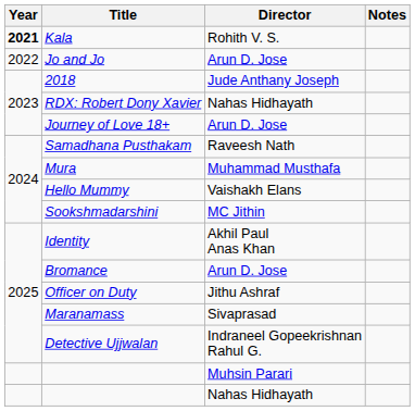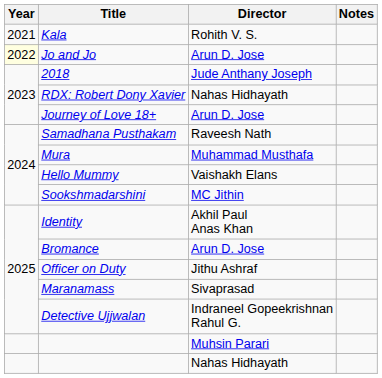 <table class="wikitable sortable">
 <tr>
 <th>Year</th>
 <th>Title</th>
 <th>Director</th>
 <th>Notes</th>
 </tr>
 <tr>
-<td><strong>2021</strong></td>
+<td>2021</td>
 <td><em><a href='#'>Kala</a></em></td>
 <td>Rohith V. S.</td>
 <td></td>
 </tr>
 <tr>
-<td>2022</td>
+<td style="background: lightyellow;">2022</td>
 <td><em><a href='#'>Jo and Jo</a></em></td>
 <td><a href='#'>Arun D. Jose</a></td>
 <td></td>
 </tr>
 <tr>
 <td rowspan="3">2023</td>
 <td><em><a href='#'>2018</a></em></td>
 <td><a href='#'>Jude Anthany Joseph</a></td>
 <td></td>
 </tr>
 <tr>
 <td><em><a href='#'>RDX: Robert Dony Xavier</a></em></td>
 <td>Nahas Hidhayath</td>
 <td></td>
 </tr>
 <tr>
 <td><em><a href='#'>Journey of Love 18+</a></em></td>
 <td><a href='#'>Arun D. Jose</a></td>
 <td></td>
 </tr>
 <tr>
 <td rowspan=4>2024</td>
 <td><em><a href='#'>Samadhana Pusthakam</a></em></td>
 <td>Raveesh Nath</td>
 <td></td>
 </tr>
 <tr>
 <td><em><a href='#'>Mura</a></em></td>
 <td><a href='#'>Muhammad Musthafa</a></td>
 <td></td>
 </tr>
 <tr>
 <td><em><a href='#'>Hello Mummy</a></em></td>
 <td>Vaishakh Elans</td>
 <td></td>
 </tr>
 <tr>
 <td><em><a href='#'>Sookshmadarshini</a></em></td>
 <td><a href='#'>MC Jithin</a></td>
 <td></td>
 </tr>
 <tr>
 <td rowspan=5>2025</td>
 <td><em><a href='#'>Identity</a></em></td>
 <td>Akhil Paul<br>Anas Khan</td>
 <td></td>
 </tr>
 <tr>
 <td><em><a href='#'>Bromance</a></em></td>
 <td><a href='#'>Arun D. Jose</a></td>
 <td></td>
 </tr>
 <tr>
 <td><em><a href='#'>Officer on Duty</a></em></td>
 <td>Jithu Ashraf</td>
 <td></td>
 </tr>
 <tr>
 <td><em><a href='#'>Maranamass</a></em></td>
 <td>Sivaprasad</td>
 <td></td>
 </tr>
 <tr>
 <td><em><a href='#'>Detective Ujjwalan</a></em></td>
 <td>Indraneel Gopeekrishnan<br>Rahul G.</td>
 <td></td>
 </tr>
 <tr>
 <td></td>
 <td></td>
 <td><a href='#'>Muhsin Parari</a></td>
 <td></td>
 </tr>
 <tr>
 <td></td>
 <td></td>
 <td>Nahas Hidhayath</td>
 <td></td>
 </tr>
 </table>
